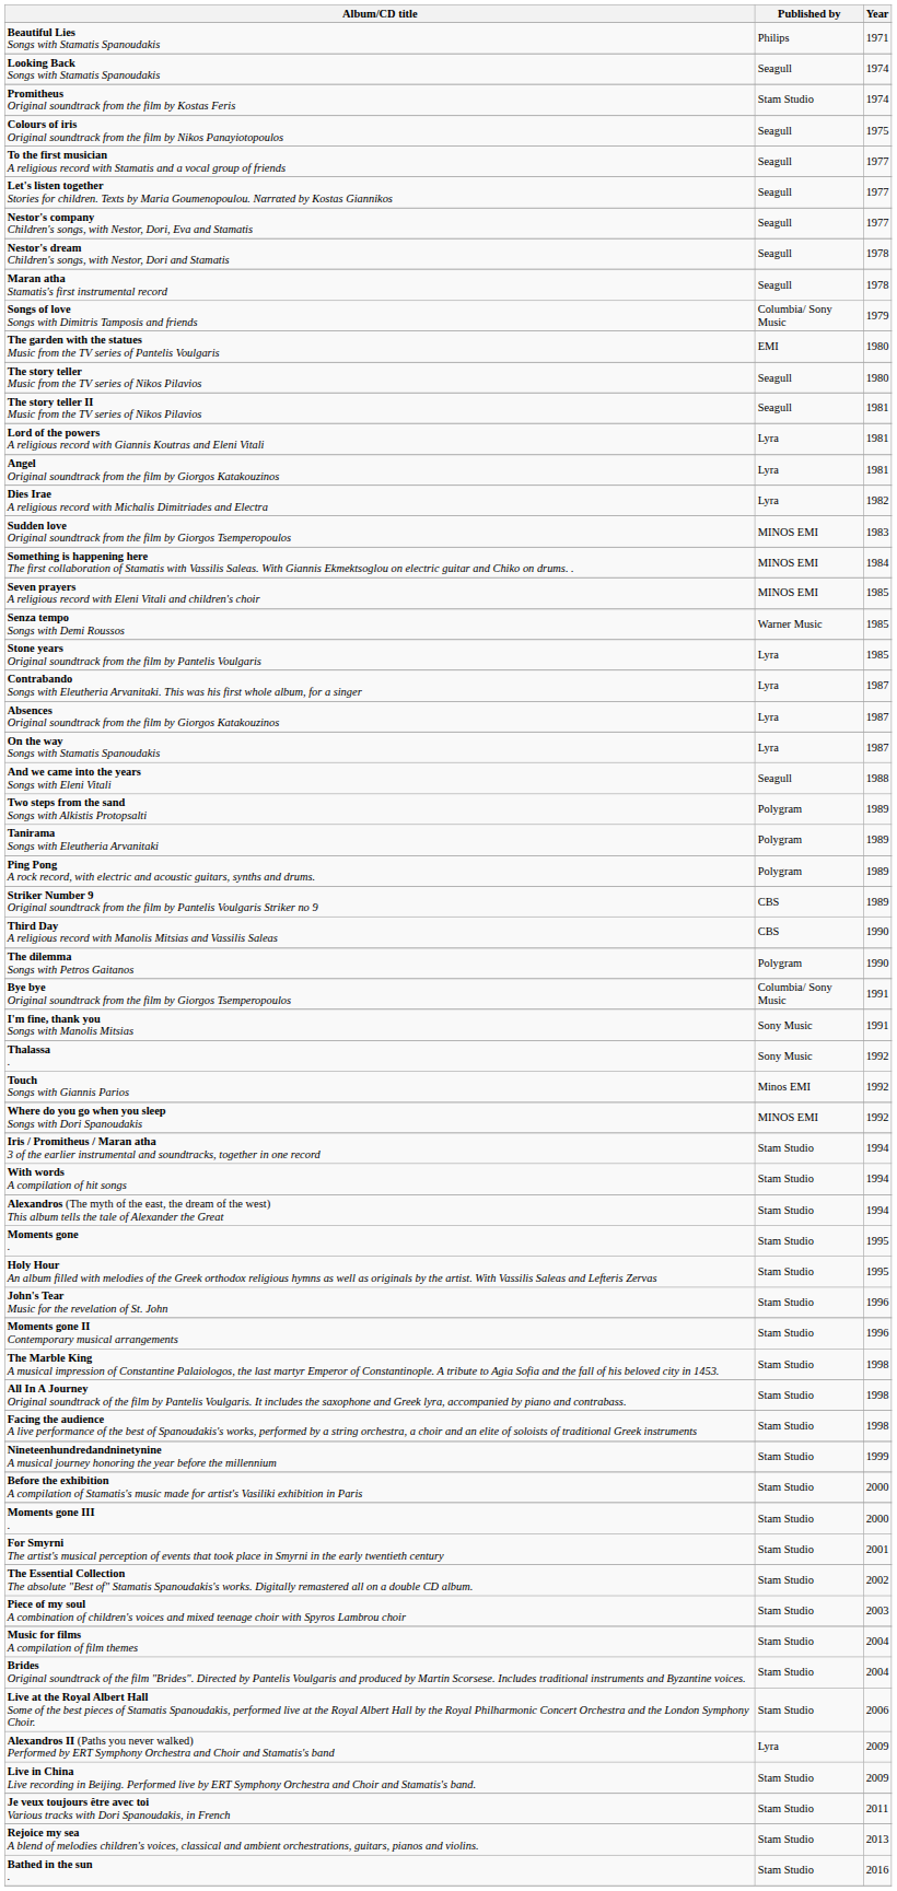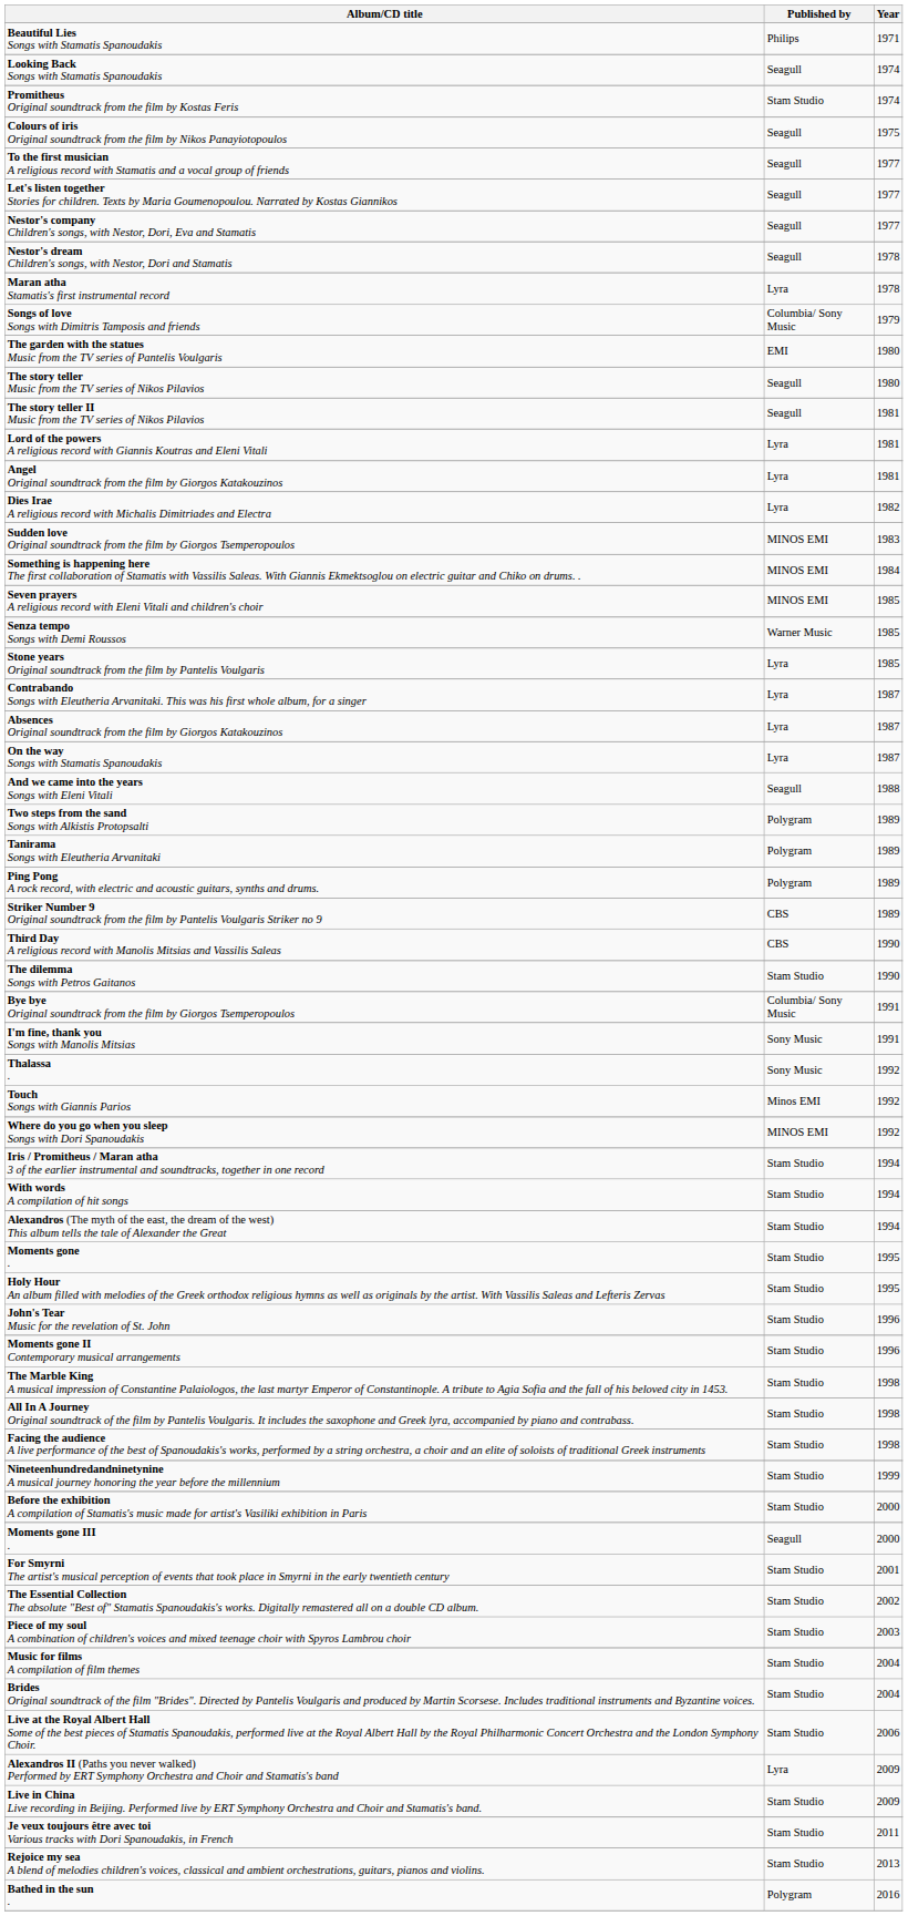 <table class="wikitable">
 <tr>
 <th>Album/CD title</th>
 <th>Published by</th>
 <th>Year</th>
 </tr>
 <tr>
 </tr>
 <tr>
 <td><strong>Beautiful Lies</strong><br><em>Songs with Stamatis Spanoudakis</em></td>
 <td>Philips</td>
 <td>1971</td>
 </tr>
 <tr>
 </tr>
 <tr>
 <td><strong>Looking Back</strong><br><em>Songs with Stamatis Spanoudakis</em></td>
 <td>Seagull</td>
 <td>1974</td>
 </tr>
 <tr>
 </tr>
 <tr>
 <td><strong>Promitheus</strong><br><em>Original soundtrack from the film by Kostas Feris</em></td>
 <td>Stam Studio</td>
 <td>1974</td>
 </tr>
 <tr>
 </tr>
 <tr>
 <td><strong>Colours of iris</strong><br><em>Original soundtrack from the film by Nikos Panayiotopoulos</em></td>
 <td>Seagull</td>
 <td>1975</td>
 </tr>
 <tr>
 </tr>
 <tr>
 <td><strong>To the first musician</strong><br><em>A religious record with Stamatis and a vocal group of friends</em></td>
 <td>Seagull</td>
 <td>1977</td>
 </tr>
 <tr>
 </tr>
 <tr>
 <td><strong>Let's listen together</strong><br><em>Stories for children. Texts by Maria Goumenopoulou. Nαrrαted by Kostas Giannikos</em></td>
 <td>Seagull</td>
 <td>1977</td>
 </tr>
 <tr>
 </tr>
 <tr>
 <td><strong>Nestor's company</strong><br><em>Children's songs, with Nestor, Dori, Eva and Stamatis</em></td>
 <td>Seagull</td>
 <td>1977</td>
 </tr>
 <tr>
 </tr>
 <tr>
 <td><strong>Nestor's dream</strong><br><em>Children's songs, with Nestor, Dori and Stamatis</em></td>
 <td>Seagull</td>
 <td>1978</td>
 </tr>
 <tr>
 </tr>
 <tr>
 <td><strong>Maran atha</strong><br><em>Stamatis's first instrumental record</em></td>
-<td>Seagull</td>
+<td>Lyra</td>
 <td>1978</td>
 </tr>
 <tr>
 <td><strong>Songs of love</strong><br><em>Songs with Dimitris Tamposis and friends</em></td>
 <td>Columbia/ Sony Music</td>
 <td>1979</td>
 </tr>
 <tr>
 </tr>
 <tr>
 <td><strong>The garden with the statues</strong><br><em>Music from the TV series of Pantelis Voulgaris</em></td>
 <td>ΕΜΙ</td>
 <td>1980</td>
 </tr>
 <tr>
 </tr>
 <tr>
 <td><strong>The story teller</strong><br><em>Music from the TV series of Nikos Pilavios</em></td>
 <td>Seagull</td>
 <td>1980</td>
 </tr>
 <tr>
 </tr>
 <tr>
 <td><strong>The story teller ΙΙ</strong><br><em>Music from the TV series of Nikos Pilavios</em></td>
 <td>Seagull</td>
 <td>1981</td>
 </tr>
 <tr>
 </tr>
 <tr>
 <td><strong>Lord of the powers</strong><br><em>A religious record with Giannis Koutras and Eleni Vitali</em></td>
 <td>Lyra</td>
 <td>1981</td>
 </tr>
 <tr>
 </tr>
 <tr>
 <td><strong>Angel</strong><br><em>Original soundtrack from the film by Giorgos Katakouzinos</em></td>
 <td>Lyra</td>
 <td>1981</td>
 </tr>
 <tr>
 </tr>
 <tr>
 <td><strong>Dies Irae</strong><br><em>A religious record with Michalis Dimitriades and Electra</em></td>
 <td>Lyra</td>
 <td>1982</td>
 </tr>
 <tr>
 </tr>
 <tr>
 <td><strong>Sudden love</strong><br><em>Original soundtrack from the film by Giorgos Tsemperopoulos</em></td>
 <td>MINOS EMI</td>
 <td>1983</td>
 </tr>
 <tr>
 </tr>
 <tr>
 <td><strong>Something is happening here</strong><br><em>The first collaboration of Stamatis with Vassilis Saleas. With Giannis Ekmektsoglou on electric guitar and Chiko on drums.</em> <em>.</em></td>
 <td>MINOS EMI</td>
 <td>1984</td>
 </tr>
 <tr>
 </tr>
 <tr>
 <td><strong>Seven prayers</strong><br><em>A religious record with Eleni Vitali and children's choir</em></td>
 <td>MINOS EMI</td>
 <td>1985</td>
 </tr>
 <tr>
 </tr>
 <tr>
 <td><strong>Senza tempo</strong><br><em>Songs with Demi Roussos</em></td>
 <td>Warner Music</td>
 <td>1985</td>
 </tr>
 <tr>
 </tr>
 <tr>
 <td><strong>Stone years</strong><br><em>Original soundtrack from the film by Pantelis Voulgaris</em></td>
 <td>Lyra</td>
 <td>1985</td>
 </tr>
 <tr>
 </tr>
 <tr>
 <td><strong>Contrabando</strong><br><em>Songs with Eleutheria Arvanitaki. This was his first whole album, for a singer</em></td>
 <td>Lyra</td>
 <td>1987</td>
 </tr>
 <tr>
 </tr>
 <tr>
 <td><strong>Absences</strong><br><em>Original soundtrack from the film by Giorgos Katakouzinos</em></td>
 <td>Lyra</td>
 <td>1987</td>
 </tr>
 <tr>
 </tr>
 <tr>
 <td><strong>On the way</strong><br><em>Songs with Stamatis Spanoudakis</em></td>
 <td>Lyra</td>
 <td>1987</td>
 </tr>
 <tr>
 <td><strong>And we came into the years</strong><br><em>Songs with Eleni Vitali</em></td>
 <td>Seagull</td>
 <td>1988</td>
 </tr>
 <tr>
 <td><strong>Two steps from the sand</strong><br><em>Songs with Alkistis Protopsalti</em></td>
 <td>Polygram</td>
 <td>1989</td>
 </tr>
 <tr>
 <td><strong>Tanirama</strong><br><em>Songs with Eleutheria Arvanitaki</em></td>
 <td>Polygram</td>
 <td>1989</td>
 </tr>
 <tr>
 </tr>
 <tr>
 <td><strong>Ping Pong</strong><br><em>A rock record, with electric and acoustic guitars, synths and drums.</em></td>
 <td>Polygram</td>
 <td>1989</td>
 </tr>
 <tr>
 </tr>
 <tr>
 <td><strong>Striker Number 9</strong><br><em>Original soundtrack from the film by Pantelis Voulgaris Striker no 9</em></td>
 <td>CBS</td>
 <td>1989</td>
 </tr>
 <tr>
 <td><strong>Third Day</strong><br><em>A religious record with Manolis Mitsias and Vassilis Saleas</em></td>
 <td>CBS</td>
 <td>1990</td>
 </tr>
 <tr>
 </tr>
 <tr>
 <td><strong>The dilemma</strong><br><em>Songs with Petros Gaitanos</em></td>
-<td>Polygram</td>
+<td>Stam Studio</td>
 <td>1990</td>
 </tr>
 <tr>
 </tr>
 <tr>
 <td><strong>Bye bye</strong><br><em>Original soundtrack from the film by Giorgos Tsemperopoulos</em></td>
 <td>Columbia/ Sony Music</td>
 <td>1991</td>
 </tr>
 <tr>
 </tr>
 <tr>
 <td><strong>I'm fine, thank you</strong><br><em>Songs with Manolis Mitsias</em></td>
 <td>Sony Music</td>
 <td>1991</td>
 </tr>
 <tr>
 </tr>
 <tr>
 <td><strong>Thalassa</strong><br><em>.</em></td>
 <td>Sony Music</td>
 <td>1992</td>
 </tr>
 <tr>
 <td><strong>Touch</strong><br><em>Songs with Giannis Parios</em></td>
 <td>Minos EMI</td>
 <td>1992</td>
 </tr>
 <tr>
 </tr>
 <tr>
 <td><strong>Where do you go when you sleep</strong><br><em>Songs with Dori Spanoudakis</em></td>
 <td>MINOS EMI</td>
 <td>1992</td>
 </tr>
 <tr>
 </tr>
 <tr>
 <td><strong>Iris / Promitheus / Maran atha</strong><br><em>3 of the earlier instrumental and soundtracks, together in one record</em></td>
 <td>Stam Studio</td>
 <td>1994</td>
 </tr>
 <tr>
 <td><strong>With words</strong><br><em>A compilation of hit songs</em></td>
 <td>Stam Studio</td>
 <td>1994</td>
 </tr>
 <tr>
 </tr>
 <tr>
 <td><strong>Alexandros</strong> (The myth of the east, the dream of the west)<br><em>This album tells the tale of Alexander the Great</em></td>
 <td>Stam Studio</td>
 <td>1994</td>
 </tr>
 <tr>
 <td><strong>Moments gone</strong><br><em>.</em></td>
 <td>Stam Studio</td>
 <td>1995</td>
 </tr>
 <tr>
 <td><strong>Holy Hour</strong><br><em>An album filled with melodies of the Greek orthodox religious hymns as well as originals by the artist.</em> <em>With Vassilis Saleas and Lefteris Zervas</em></td>
 <td>Stam Studio</td>
 <td>1995</td>
 </tr>
 <tr>
 <td><strong>John's Tear</strong><br><em>Music for the revelation of St. John</em></td>
 <td>Stam Studio</td>
 <td>1996</td>
 </tr>
 <tr>
 </tr>
 <tr>
 <td><strong>Moments gone II</strong><br><em>Contemporary musical arrangements</em></td>
 <td>Stam Studio</td>
 <td>1996</td>
 </tr>
 <tr>
 <td><strong>The Marble King</strong><br><em>A musical impression of Constantine Palaiologos, the last martyr Emperor of Constantinople. A tribute to Agia Sofia and the fall of his beloved city in 1453.</em></td>
 <td>Stam Studio</td>
 <td>1998</td>
 </tr>
 <tr>
 </tr>
 <tr>
 <td><strong>All In A Journey</strong><br><em>Original soundtrack of the film by Pantelis Voulgaris. It includes the saxophone and Greek lyra, accompanied by piano and contrabass.</em></td>
 <td>Stam Studio</td>
 <td>1998</td>
 </tr>
 <tr>
 </tr>
 <tr>
 <td><strong>Facing the audience</strong><br><em>A live performance of the best of Spanoudakis's works, performed by a string orchestra, a choir and an elite of soloists of traditional Greek instruments</em></td>
 <td>Stam Studio</td>
 <td>1998</td>
 </tr>
 <tr>
 </tr>
 <tr>
 <td><strong>Nineteenhundredandninetynine</strong><br><em>A musical journey honoring the year before the millennium</em></td>
 <td>Stam Studio</td>
 <td>1999</td>
 </tr>
 <tr>
 </tr>
 <tr>
 <td><strong>Before the exhibition</strong><br><em>A compilation of Stamatis's music made for artist's Vasiliki exhibition in Paris</em></td>
 <td>Stam Studio</td>
 <td>2000</td>
 </tr>
 <tr>
 </tr>
 <tr>
 <td><strong>Moments gone III</strong><br><em>.</em></td>
-<td>Stam Studio</td>
+<td>Seagull</td>
 <td>2000</td>
 </tr>
 <tr>
 <td><strong>For Smyrni</strong><br><em>The artist's musical perception of events that took place in Smyrni in the early twentieth century</em></td>
 <td>Stam Studio</td>
 <td>2001</td>
 </tr>
 <tr>
 </tr>
 <tr>
 <td><strong>The Essential Collection</strong><br><em>The absolute "Best of" Stamatis Spanoudakis's works. Digitally remastered all on a double CD album.</em></td>
 <td>Stam Studio</td>
 <td>2002</td>
 </tr>
 <tr>
 <td><strong>Piece of my soul</strong><br><em>A combination of children's voices and mixed teenage choir with Spyros Lambrou choir</em></td>
 <td>Stam Studio</td>
 <td>2003</td>
 </tr>
 <tr>
 </tr>
 <tr>
 <td><strong>Music for films</strong><br><em>A compilation of film themes</em></td>
 <td>Stam Studio</td>
 <td>2004</td>
 </tr>
 <tr>
 <td><strong>Brides</strong><br><em>Original soundtrack of the film "Brides". Directed by Pantelis Voulgaris and produced by Martin Scorsese. Includes traditional instruments and Byzantine voices.</em></td>
 <td>Stam Studio</td>
 <td>2004</td>
 </tr>
 <tr>
 <td><strong>Live at the Royal Albert Hall</strong><br><em>Some of the best pieces of Stamatis Spanoudakis, performed live at the Royal Albert Hall by the Royal Philharmonic Concert Orchestra and the London Symphony Choir.</em></td>
 <td>Stam Studio</td>
 <td>2006</td>
 </tr>
 <tr>
 <td><strong>Alexandros II</strong> (Paths you never walked)<br><em>Performed by ERT Symphony Orchestra and Choir and Stamatis's band</em></td>
 <td>Lyra</td>
 <td>2009</td>
 </tr>
 <tr>
 <td><strong>Live in China</strong><br><em>Live recording in Beijing. Performed live by ERT Symphony Orchestra and Choir and Stamatis's band.</em></td>
 <td>Stam Studio</td>
 <td>2009</td>
 </tr>
 <tr>
 </tr>
 <tr>
 <td><strong>Je veux toujours être avec toi</strong><br><em>Various tracks with Dori Spanoudakis, in French</em></td>
 <td>Stam Studio</td>
 <td>2011</td>
 </tr>
 <tr>
 </tr>
 <tr>
 <td><strong>Rejoice my sea</strong><br><em>A blend of melodies children's voices, classical and ambient orchestrations, guitars, pianos and violins.</em></td>
 <td>Stam Studio</td>
 <td>2013</td>
 </tr>
 <tr>
 <td><strong>Bathed in the sun</strong><br><em>.</em></td>
-<td>Stam Studio</td>
+<td>Polygram</td>
 <td>2016</td>
 </tr>
 <tr>
 </tr>
 </table>
